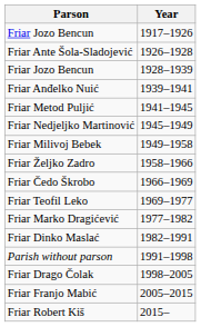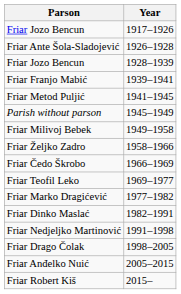 <table class="wikitable">
 <tr>
 <th>Parson</th>
 <th>Year</th>
 </tr>
 <tr>
 <td><a href='#'>Friar</a> Jozo Bencun</td>
 <td>1917–1926</td>
 </tr>
 <tr>
 <td>Friar Ante Šola-Sladojević</td>
 <td>1926–1928</td>
 </tr>
 <tr>
 <td>Friar Jozo Bencun</td>
 <td>1928–1939</td>
 </tr>
 <tr>
-<td>Friar Anđelko Nuić</td>
+<td>Friar Franjo Mabić</td>
 <td>1939–1941</td>
 </tr>
 <tr>
 <td>Friar Metod Puljić</td>
 <td>1941–1945</td>
 </tr>
 <tr>
-<td>Friar Nedjeljko Martinović</td>
+<td><em>Parish without parson</em></td>
 <td>1945–1949</td>
 </tr>
 <tr>
 <td>Friar Milivoj Bebek</td>
 <td>1949–1958</td>
 </tr>
 <tr>
 <td>Friar Željko Zadro</td>
 <td>1958–1966</td>
 </tr>
 <tr>
 <td>Friar Čedo Škrobo</td>
 <td>1966–1969</td>
 </tr>
 <tr>
 <td>Friar Teofil Leko</td>
 <td>1969–1977</td>
 </tr>
 <tr>
 <td>Friar Marko Dragićević</td>
 <td>1977–1982</td>
 </tr>
 <tr>
 <td>Friar Dinko Maslać</td>
 <td>1982–1991</td>
 </tr>
 <tr>
-<td><em>Parish without parson</em></td>
+<td>Friar Nedjeljko Martinović</td>
 <td>1991–1998</td>
 </tr>
 <tr>
 <td>Friar Drago Čolak</td>
 <td>1998–2005</td>
 </tr>
 <tr>
-<td>Friar Franjo Mabić</td>
+<td>Friar Anđelko Nuić</td>
 <td>2005–2015</td>
 </tr>
 <tr>
 <td>Friar Robert Kiš</td>
 <td>2015–</td>
 </tr>
 </table>
